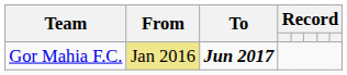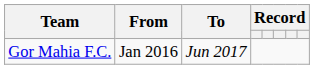 <table class="wikitable" style="text-align: center">
 <tr>
 <th rowspan="2">Team</th>
 <th rowspan="2">From</th>
 <th rowspan="2">To</th>
 <th colspan="5">Record</th>
 </tr>
 <tr>
 <th></th>
 <th></th>
 <th></th>
 <th></th>
 <th></th>
 </tr>
 <tr>
 <td><a href='#'>Gor Mahia F.C.</a></td>
-<td style="background: khaki;">Jan 2016</td>
-<td><strong><em>Jun 2017</em><br></strong></td>
+<td>Jan 2016</td>
+<td><em>Jun 2017</em><br></td>
 </tr>
 </table>
